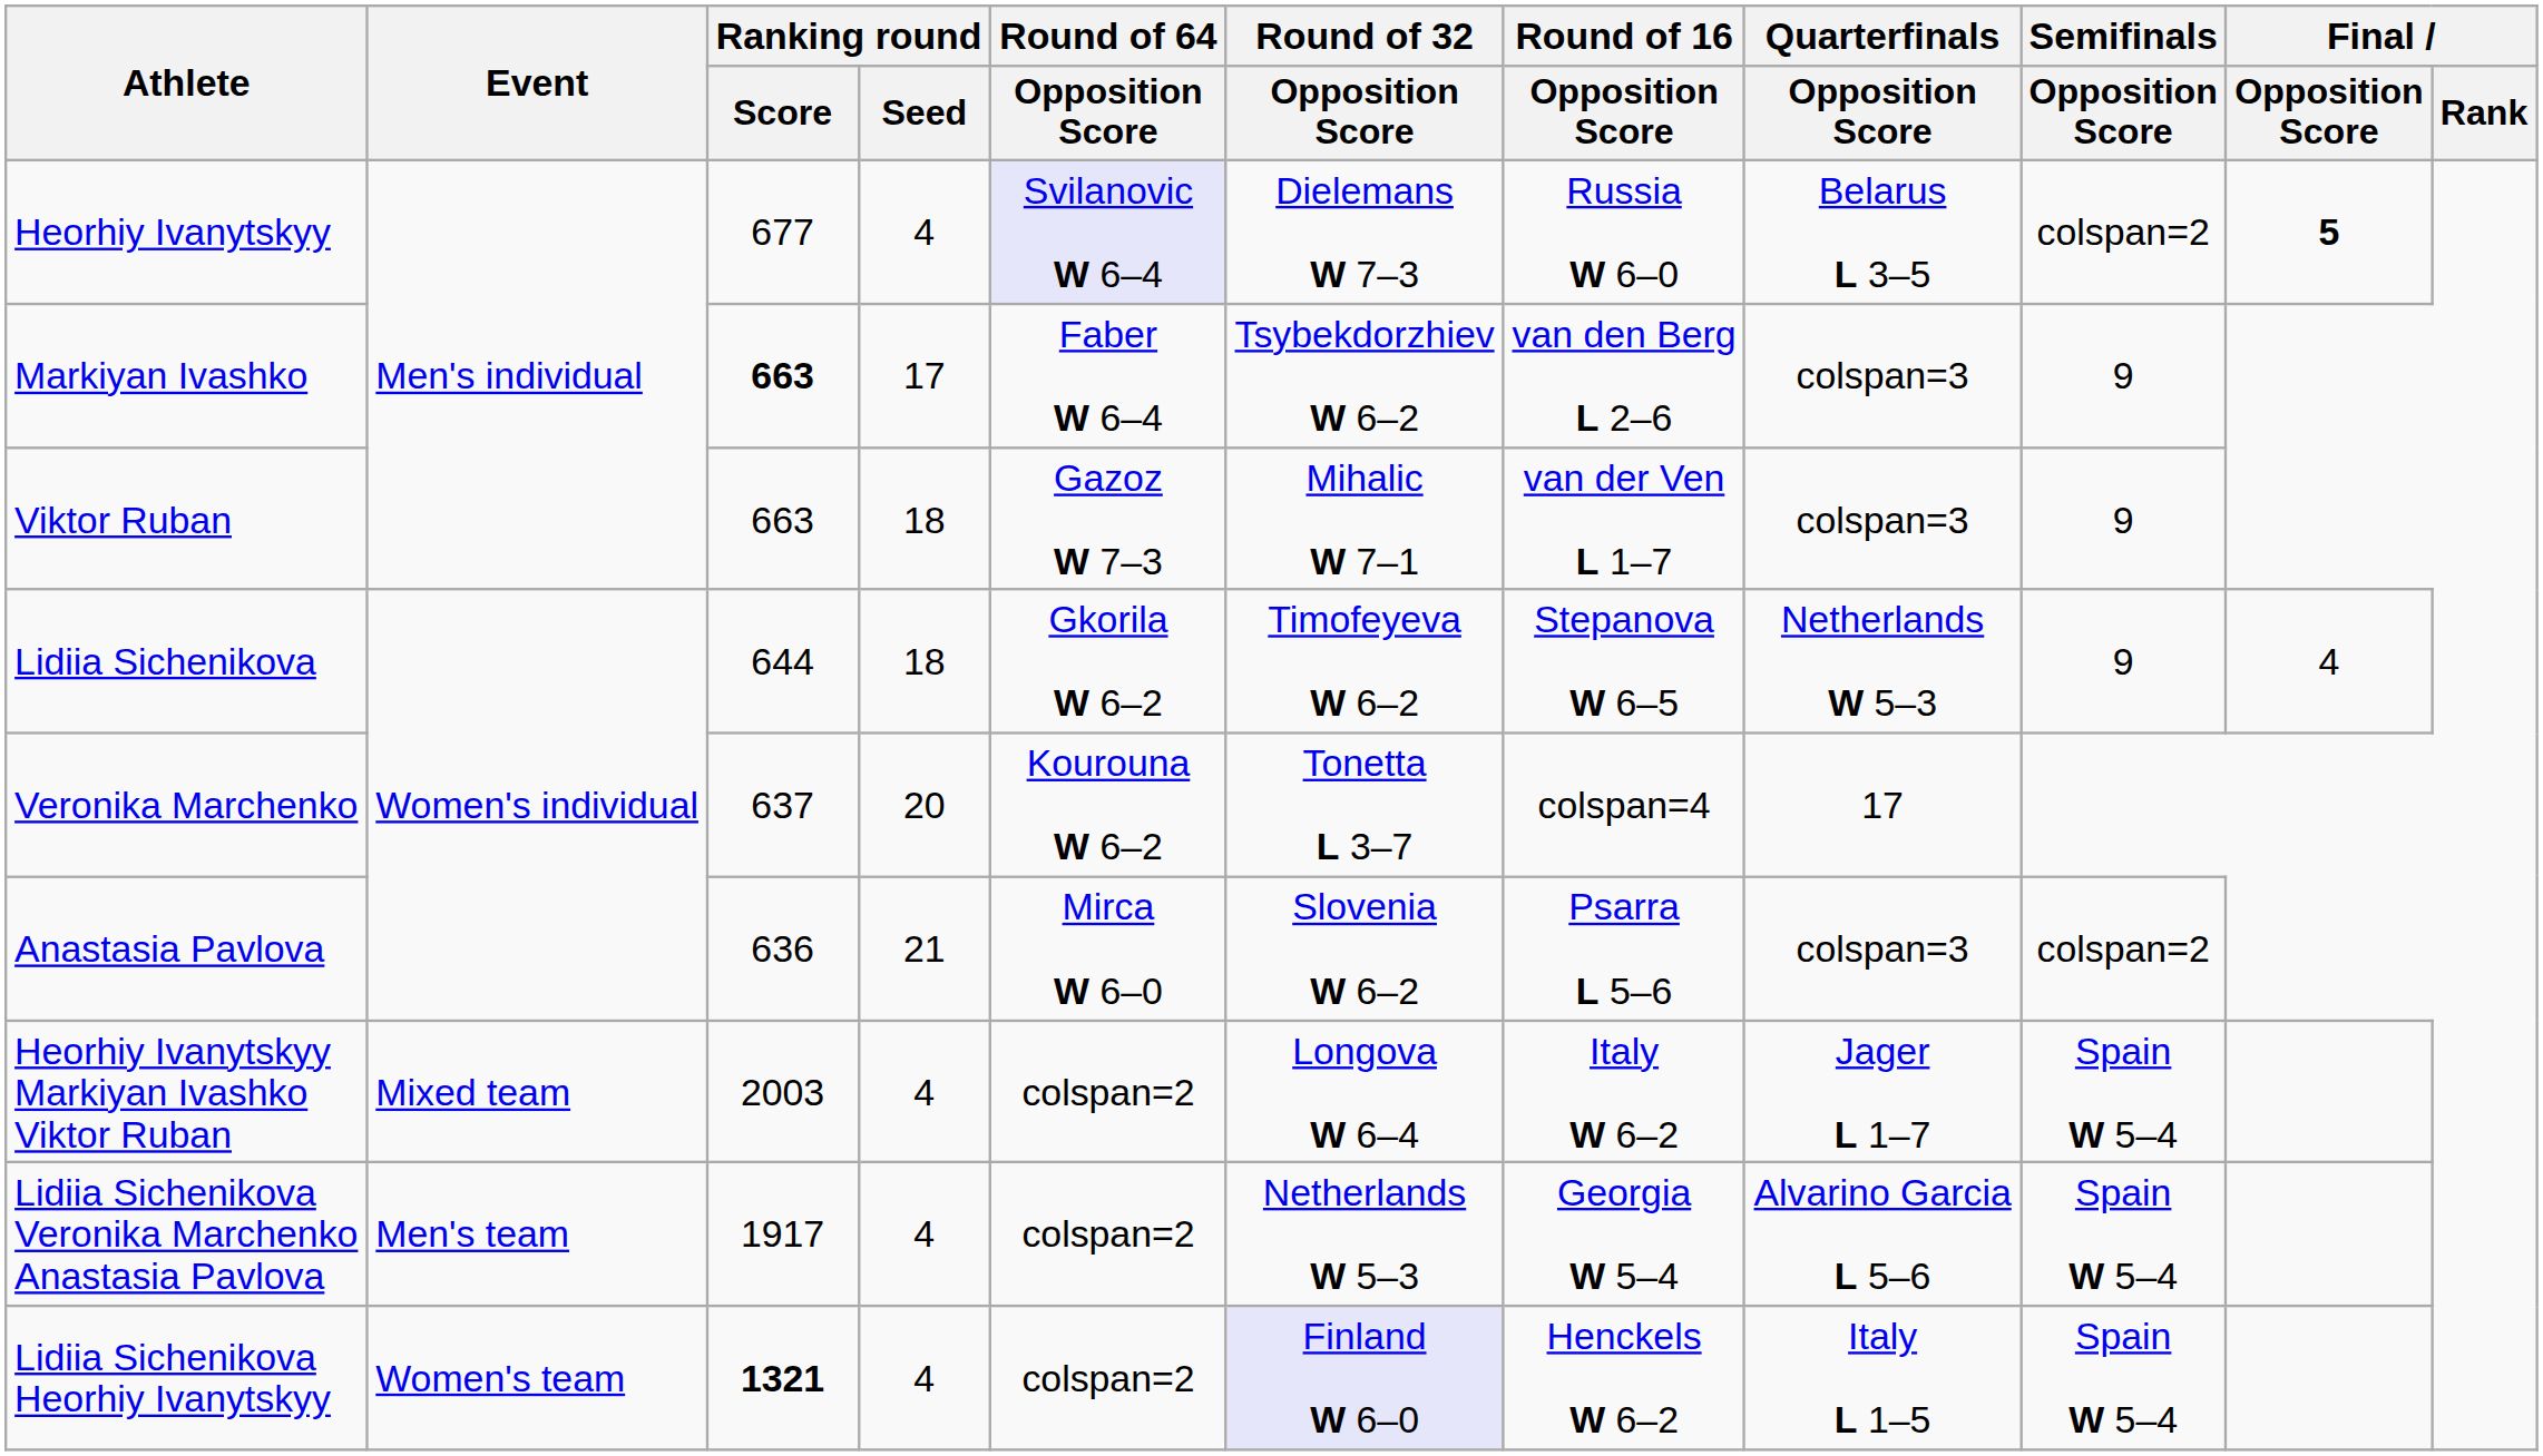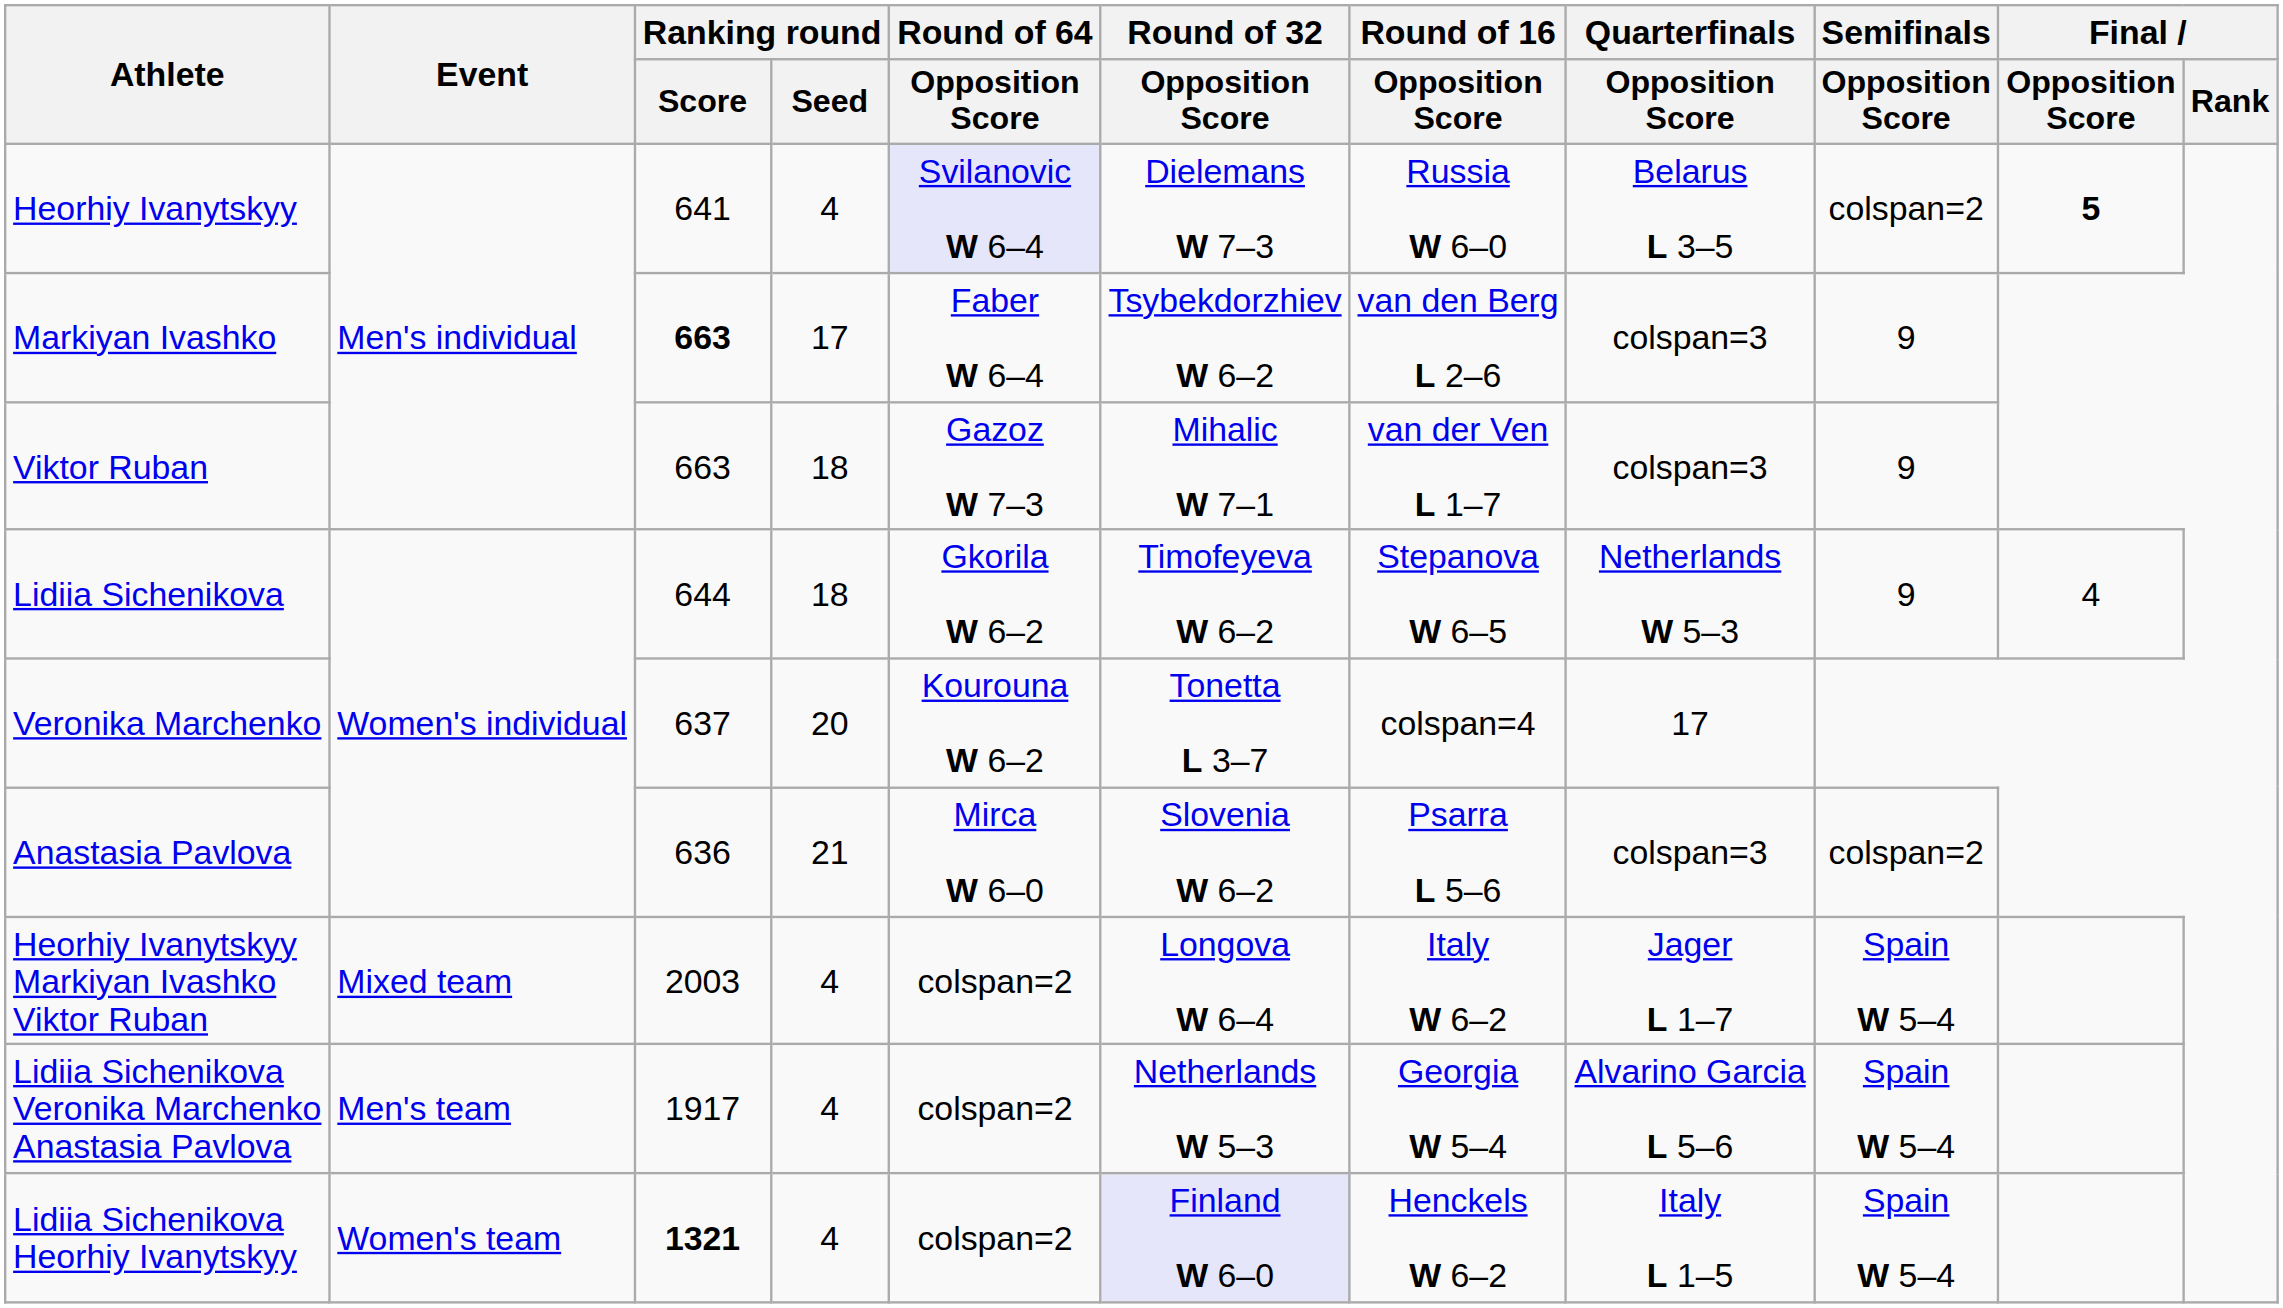 <table class="wikitable" style="font-size:90%">
 <tr>
 <th rowspan=2>Athlete</th>
 <th rowspan=2>Event</th>
 <th colspan=2>Ranking round</th>
 <th>Round of 64</th>
 <th>Round of 32</th>
 <th>Round of 16</th>
 <th>Quarterfinals</th>
 <th>Semifinals</th>
 <th colspan=2>Final / </th>
 </tr>
 <tr style="font-size:95%">
 <th>Score</th>
 <th>Seed</th>
 <th>Opposition<br>Score</th>
 <th>Opposition<br>Score</th>
 <th>Opposition<br>Score</th>
 <th>Opposition<br>Score</th>
 <th>Opposition<br>Score</th>
 <th>Opposition<br>Score</th>
 <th>Rank</th>
 </tr>
 <tr align=center>
 <td align=left><a href='#'>Heorhiy Ivanytskyy</a></td>
 <td style="text-align:left;" rowspan="3"><a href='#'>Men's individual</a></td>
-<td>677</td>
+<td>641</td>
 <td>4</td>
 <td style="background: lavender;"><a href='#'>Svilanovic</a><br><br><strong>W</strong> 6–4</td>
 <td><a href='#'>Dielemans</a><br><br><strong>W</strong> 7–3</td>
 <td><a href='#'>Russia</a><br><br> <strong>W</strong> 6–0</td>
 <td><a href='#'>Belarus</a><br><br> <strong>L</strong> 3–5</td>
 <td>colspan=2 </td>
 <td><strong>5</strong></td>
 </tr>
 <tr align=center>
 <td align=left><a href='#'>Markiyan Ivashko</a></td>
 <td><strong>663</strong></td>
 <td>17</td>
 <td><a href='#'>Faber</a><br><br> <strong>W</strong> 6–4</td>
 <td><a href='#'>Tsybekdorzhiev</a><br><br> <strong>W</strong> 6–2</td>
 <td><a href='#'>van den Berg</a><br><br> <strong>L</strong> 2–6</td>
 <td>colspan=3 </td>
 <td>9</td>
 </tr>
 <tr align=center>
 <td align=left><a href='#'>Viktor Ruban</a></td>
 <td>663</td>
 <td>18</td>
 <td><a href='#'>Gazoz</a><br><br> <strong>W</strong> 7–3</td>
 <td><a href='#'>Mihalic</a><br><br> <strong>W</strong> 7–1</td>
 <td><a href='#'>van der Ven</a><br><br> <strong>L</strong> 1–7</td>
 <td>colspan=3 </td>
 <td>9</td>
 </tr>
 <tr align=center>
 <td align=left><a href='#'>Lidiia Sichenikova</a></td>
 <td style="text-align:left;" rowspan="3"><a href='#'>Women's individual</a></td>
 <td>644</td>
 <td>18</td>
 <td><a href='#'>Gkorila</a><br><br> <strong>W</strong> 6–2</td>
 <td><a href='#'>Timofeyeva</a><br><br> <strong>W</strong> 6–2</td>
 <td><a href='#'>Stepanova</a><br><br> <strong>W</strong> 6–5</td>
 <td><a href='#'>Netherlands</a><br><br> <strong>W</strong> 5–3</td>
 <td>9</td>
 <td>4</td>
 </tr>
 <tr align=center>
 <td align=left><a href='#'>Veronika Marchenko</a></td>
 <td>637</td>
 <td>20</td>
 <td><a href='#'>Kourouna</a><br><br> <strong>W</strong> 6–2</td>
 <td><a href='#'>Tonetta</a><br><br> <strong>L</strong> 3–7</td>
 <td>colspan=4 </td>
 <td>17</td>
 </tr>
 <tr align=center>
 <td align=left><a href='#'>Anastasia Pavlova</a></td>
 <td>636</td>
 <td>21</td>
 <td><a href='#'>Mirca</a><br><br><strong>W</strong> 6–0</td>
 <td><a href='#'>Slovenia</a><br><br> <strong>W</strong> 6–2</td>
 <td><a href='#'>Psarra</a><br><br> <strong>L</strong> 5–6</td>
 <td>colspan=3 </td>
 <td>colspan=2 </td>
 </tr>
 <tr align=center>
 <td align=left><a href='#'>Heorhiy Ivanytskyy</a><br><a href='#'>Markiyan Ivashko</a><br><a href='#'>Viktor Ruban</a></td>
 <td align=left><a href='#'>Mixed team</a></td>
 <td>2003</td>
 <td>4</td>
 <td>colspan=2 </td>
 <td><a href='#'>Longova</a><br><br> <strong>W</strong> 6–4</td>
 <td><a href='#'>Italy</a><br><br> <strong>W</strong> 6–2</td>
 <td><a href='#'>Jager</a><br><br> <strong>L</strong> 1–7</td>
 <td><a href='#'>Spain</a><br><br> <strong>W</strong> 5–4</td>
 <td></td>
 </tr>
 <tr align=center>
 <td align=left><a href='#'>Lidiia Sichenikova</a><br><a href='#'>Veronika Marchenko</a><br><a href='#'>Anastasia Pavlova</a></td>
 <td align=left><a href='#'>Men's team</a></td>
 <td>1917</td>
 <td>4</td>
 <td>colspan=2 </td>
 <td><a href='#'>Netherlands</a><br><br> <strong>W</strong> 5–3</td>
 <td><a href='#'>Georgia</a><br><br> <strong>W</strong> 5–4</td>
 <td><a href='#'>Alvarino Garcia</a><br><br><strong>L</strong> 5–6</td>
 <td><a href='#'>Spain</a><br><br> <strong>W</strong> 5–4</td>
 <td></td>
 </tr>
 <tr align=center>
 <td align=left><a href='#'>Lidiia Sichenikova</a><br><a href='#'>Heorhiy Ivanytskyy</a></td>
 <td align=left><a href='#'>Women's team</a></td>
 <td><strong>1321</strong></td>
 <td>4</td>
 <td>colspan=2 </td>
 <td style="background: lavender;"><a href='#'>Finland</a><br><br> <strong>W</strong> 6–0</td>
 <td><a href='#'>Henckels</a><br><br><strong>W</strong> 6–2</td>
 <td><a href='#'>Italy</a><br><br> <strong>L</strong> 1–5</td>
 <td><a href='#'>Spain</a><br><br> <strong>W</strong> 5–4</td>
 <td></td>
 </tr>
 </table>
